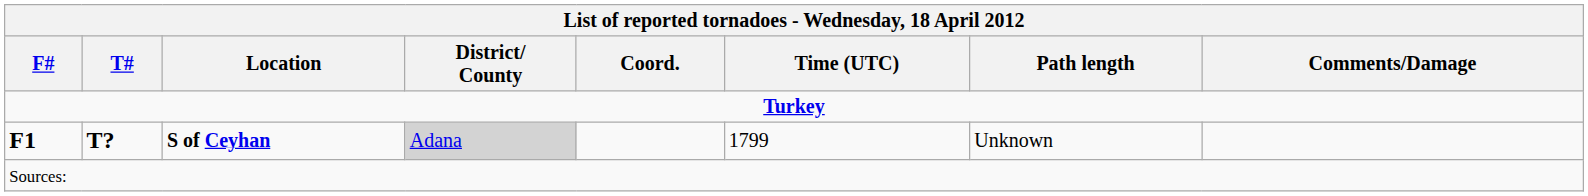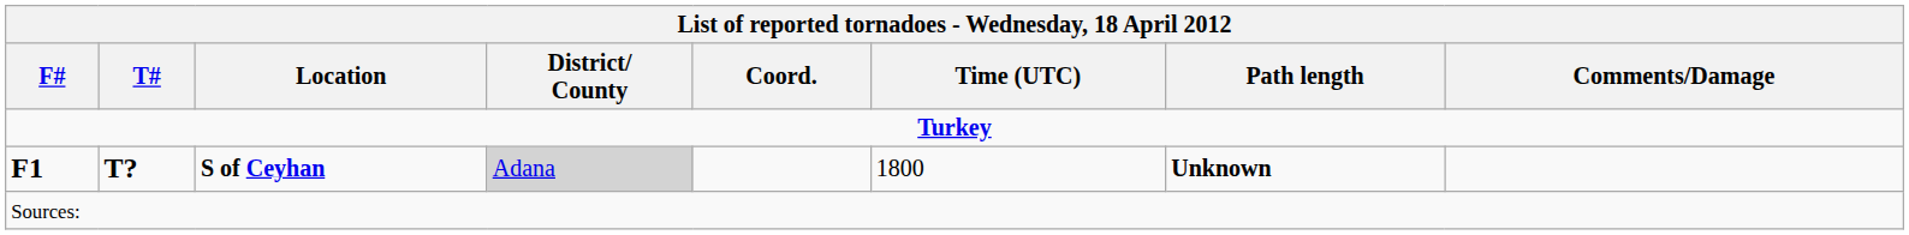 <table class="wikitable collapsible" width="100%">
 <tr>
 <th colspan="8">List of reported tornadoes - Wednesday, 18 April 2012</th>
 </tr>
 <tr>
 <th><a href='#'>F#</a></th>
 <th><a href='#'>T#</a></th>
 <th>Location</th>
 <th>District/<br>County</th>
 <th>Coord.</th>
 <th>Time (UTC)</th>
 <th>Path length</th>
 <th>Comments/Damage</th>
 </tr>
 <tr>
 <td colspan="8" align=center><strong><a href='#'>Turkey</a></strong></td>
 </tr>
 <tr>
 <td><big><strong>F1</strong></big></td>
 <td><big><strong>T?</strong></big></td>
 <td><strong>S of <a href='#'>Ceyhan</a></strong></td>
 <td style="background: lightgrey;"><a href='#'>Adana</a></td>
 <td></td>
-<td>1799</td>
-<td>Unknown</td>
+<td>1800</td>
+<td><strong>Unknown</strong></td>
 <td></td>
 </tr>
 <tr>
 <td colspan="8"><small>Sources:  </small></td>
 </tr>
 </table>
